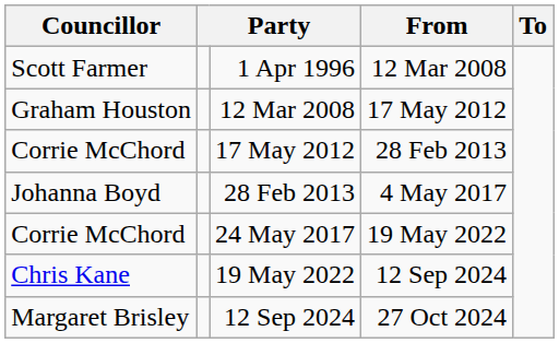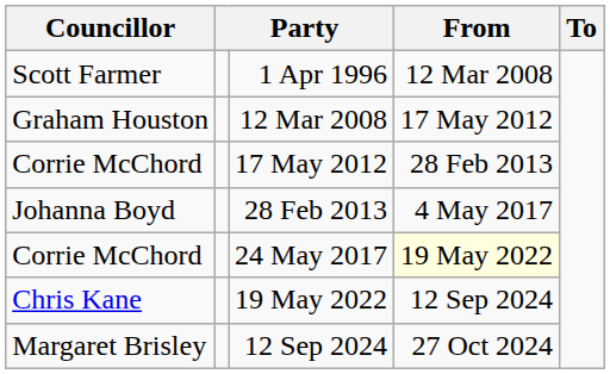 <table class=wikitable>
 <tr>
 <th>Councillor</th>
 <th colspan=2>Party</th>
 <th>From</th>
 <th>To</th>
 </tr>
 <tr>
 <td>Scott Farmer</td>
 <td></td>
 <td align=right>1 Apr 1996</td>
 <td align=right>12 Mar 2008</td>
 </tr>
 <tr>
 <td>Graham Houston</td>
 <td></td>
 <td align=right>12 Mar 2008</td>
 <td align=right>17 May 2012</td>
 </tr>
 <tr>
 <td>Corrie McChord</td>
 <td></td>
 <td align=right>17 May 2012</td>
 <td align=right>28 Feb 2013</td>
 </tr>
 <tr>
 <td>Johanna Boyd</td>
 <td></td>
 <td align=right>28 Feb 2013</td>
 <td align=right>4 May 2017</td>
 </tr>
 <tr>
 <td>Corrie McChord</td>
 <td></td>
 <td align=right>24 May 2017</td>
-<td align=right>19 May 2022</td>
+<td align=right style="background: lightyellow;">19 May 2022</td>
 </tr>
 <tr>
 <td><a href='#'>Chris Kane</a></td>
 <td></td>
 <td align=right>19 May 2022</td>
 <td align=right>12 Sep 2024</td>
 </tr>
 <tr>
 <td>Margaret Brisley</td>
 <td></td>
 <td align=right>12 Sep 2024</td>
 <td align=right>27 Oct 2024</td>
 </tr>
 </table>
